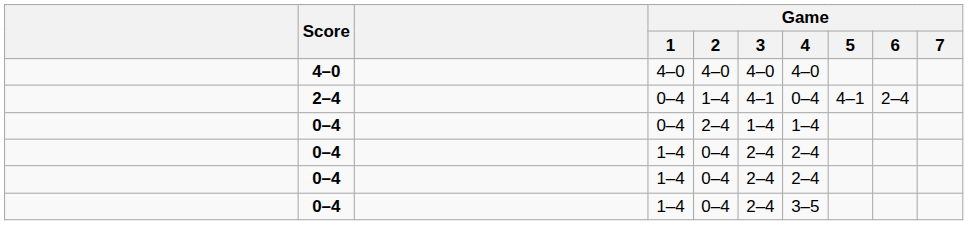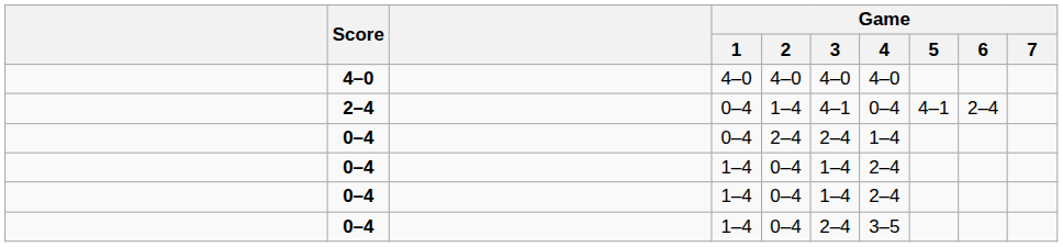 <table class="wikitable" style="text-align: center;">
 <tr>
 <th rowspan=2 align="right" width="270"></th>
 <th rowspan=2 width="45">Score</th>
 <th rowspan=2 align="left" width="270"></th>
 <th colspan=7>Game</th>
 </tr>
 <tr>
 <th width="35">1</th>
 <th width="35">2</th>
 <th width="35">3</th>
 <th width="35">4</th>
 <th width="35">5</th>
 <th width="35">6</th>
 <th width="35">7</th>
 </tr>
 <tr>
 <td align=left><strong></strong></td>
 <td align=center><strong>4–0</strong></td>
 <td align=left></td>
 <td>4–0</td>
 <td>4–0</td>
 <td>4–0</td>
 <td>4–0</td>
 <td></td>
 <td></td>
 <td></td>
 </tr>
 <tr>
 <td align=left></td>
 <td align=center><strong>2–4</strong></td>
 <td align=left><strong></strong></td>
 <td>0–4</td>
 <td>1–4</td>
 <td>4–1</td>
 <td>0–4</td>
 <td>4–1</td>
 <td>2–4</td>
 <td></td>
 </tr>
 <tr>
 <td align=left></td>
 <td align=center><strong>0–4</strong></td>
 <td align=left><strong></strong></td>
 <td>0–4</td>
 <td>2–4</td>
-<td>1–4</td>
+<td>2–4</td>
 <td>1–4</td>
 <td></td>
 <td></td>
 <td></td>
 </tr>
 <tr>
 <td align=left></td>
 <td align=center><strong>0–4</strong></td>
 <td align=left><strong></strong></td>
 <td>1–4</td>
 <td>0–4</td>
-<td>2–4</td>
+<td>1–4</td>
 <td>2–4</td>
 <td></td>
 <td></td>
 <td></td>
 </tr>
 <tr>
 <td align=left></td>
 <td align=center><strong>0–4</strong></td>
 <td align=left><strong></strong></td>
 <td>1–4</td>
 <td>0–4</td>
-<td>2–4</td>
+<td>1–4</td>
 <td>2–4</td>
 <td></td>
 <td></td>
 <td></td>
 </tr>
 <tr>
 <td align=left></td>
 <td align=center><strong>0–4</strong></td>
 <td align=left><strong></strong></td>
 <td>1–4</td>
 <td>0–4</td>
 <td>2–4</td>
 <td>3–5</td>
 <td></td>
 <td></td>
 <td></td>
 </tr>
 </table>
